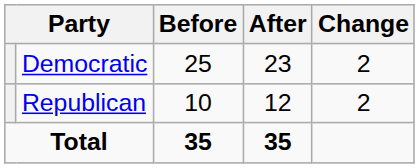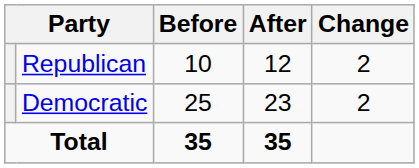 <table class="wikitable" style="text-align:center;">
 <tr>
 <th colspan="2">Party</th>
 <th>Before</th>
 <th>After</th>
 <th>Change</th>
 </tr>
 <tr>
 <th style="background-color:"></th>
-<td style="text-align:left;"><a href='#'>Democratic</a></td>
-<td>25</td>
-<td>23</td>
+<td style="text-align:left;"><a href='#'>Republican</a></td>
+<td>10</td>
+<td>12</td>
 <td> 2</td>
 </tr>
 <tr>
 <th style="background-color:"></th>
-<td style="text-align:left;"><a href='#'>Republican</a></td>
-<td>10</td>
-<td>12</td>
+<td style="text-align:left;"><a href='#'>Democratic</a></td>
+<td>25</td>
+<td>23</td>
 <td> 2</td>
 </tr>
 <tr>
 <td colspan="2"><strong>Total</strong></td>
 <td><strong>35</strong></td>
 <td><strong>35</strong></td>
 <td></td>
 </tr>
 </table>
